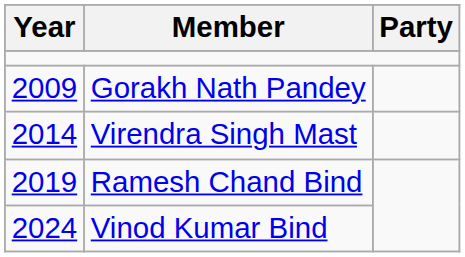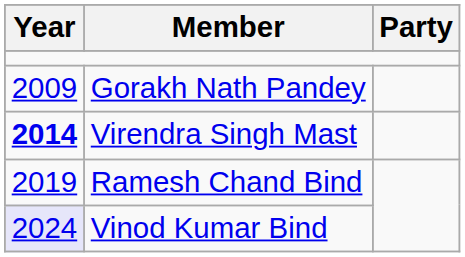 <table class="wikitable sortable">
 <tr>
 <th>Year</th>
 <th>Member</th>
 <th colspan="2">Party</th>
 </tr>
 <tr>
 <td colspan="4"></td>
 </tr>
 <tr>
 <td><a href='#'>2009</a></td>
 <td><a href='#'>Gorakh Nath Pandey</a></td>
 <td></td>
 </tr>
 <tr>
-<td><a href='#'>2014</a></td>
+<td><strong><a href='#'>2014</a></strong></td>
 <td><a href='#'>Virendra Singh Mast</a></td>
 <td></td>
 </tr>
 <tr>
 <td><a href='#'>2019</a></td>
 <td><a href='#'>Ramesh Chand Bind</a></td>
 </tr>
 <tr>
-<td><a href='#'>2024</a></td>
+<td style="background: lavender;"><a href='#'>2024</a></td>
 <td><a href='#'>Vinod Kumar Bind</a></td>
 </tr>
 </table>
